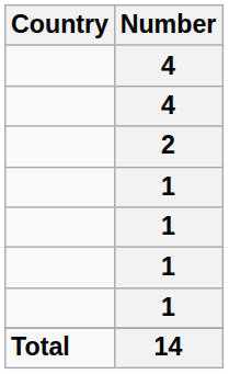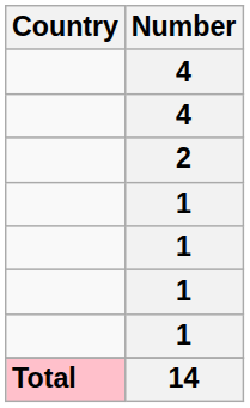 <table class="wikitable centre sortable">
 <tr>
 <th>Country</th>
 <th>Number</th>
 </tr>
 <tr>
 <td></td>
 <th>4</th>
 </tr>
 <tr>
 <td></td>
 <th>4</th>
 </tr>
 <tr>
 <td></td>
 <th>2</th>
 </tr>
 <tr>
 <td></td>
 <th>1</th>
 </tr>
 <tr>
 <td></td>
 <th>1</th>
 </tr>
 <tr>
 <td></td>
 <th>1</th>
 </tr>
 <tr>
 <td></td>
 <th>1</th>
 </tr>
 <tr>
 </tr>
 <tr class="sortbottom">
-<td><strong>Total</strong></td>
+<td style="background: pink;"><strong>Total</strong></td>
 <th>14</th>
 </tr>
 </table>
